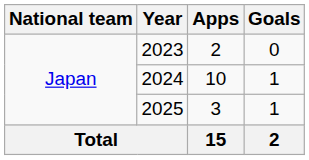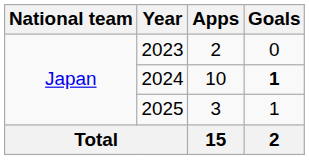 <table class="wikitable" style="text-align:center">
 <tr>
 <th>National team</th>
 <th>Year</th>
 <th>Apps</th>
 <th>Goals</th>
 </tr>
 <tr>
 <td rowspan="3"><a href='#'>Japan</a></td>
 <td>2023</td>
 <td>2</td>
 <td>0</td>
 </tr>
 <tr>
 <td>2024</td>
 <td>10</td>
-<td>1</td>
+<td><strong>1</strong></td>
 </tr>
 <tr>
 <td>2025</td>
 <td>3</td>
 <td>1</td>
 </tr>
 <tr>
 <th colspan="2">Total</th>
 <th>15</th>
 <th>2</th>
 </tr>
 </table>
